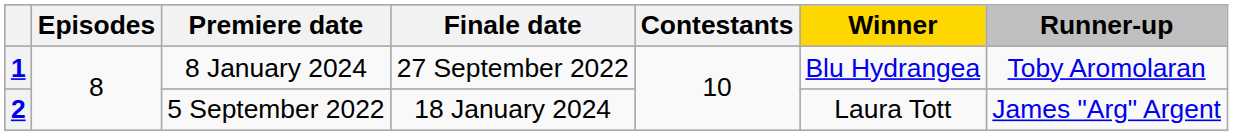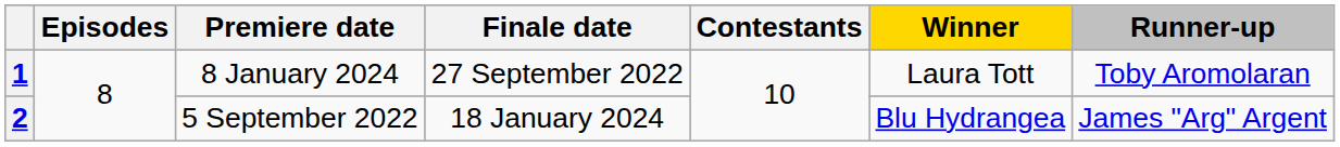 <table class="wikitable sortable" style="text-align:center; white-space:nowrap;">
 <tr>
 <th><a href='#'></a></th>
 <th>Episodes</th>
 <th>Premiere date</th>
 <th>Finale date</th>
 <th>Contestants</th>
 <th style="background:gold;">Winner</th>
 <th style="background:silver;">Runner-up</th>
 </tr>
 <tr>
 <th><a href='#'>1</a></th>
 <td rowspan=2>8</td>
 <td>8 January 2024</td>
 <td>27 September 2022</td>
 <td rowspan=2>10</td>
-<td><a href='#'>Blu Hydrangea</a></td>
+<td>Laura Tott</td>
 <td><a href='#'>Toby Aromolaran</a></td>
 </tr>
 <tr>
 <th><a href='#'>2</a></th>
 <td>5 September 2022</td>
 <td>18 January 2024</td>
-<td>Laura Tott</td>
+<td><a href='#'>Blu Hydrangea</a></td>
 <td><a href='#'>James "Arg" Argent</a></td>
 </tr>
 </table>
